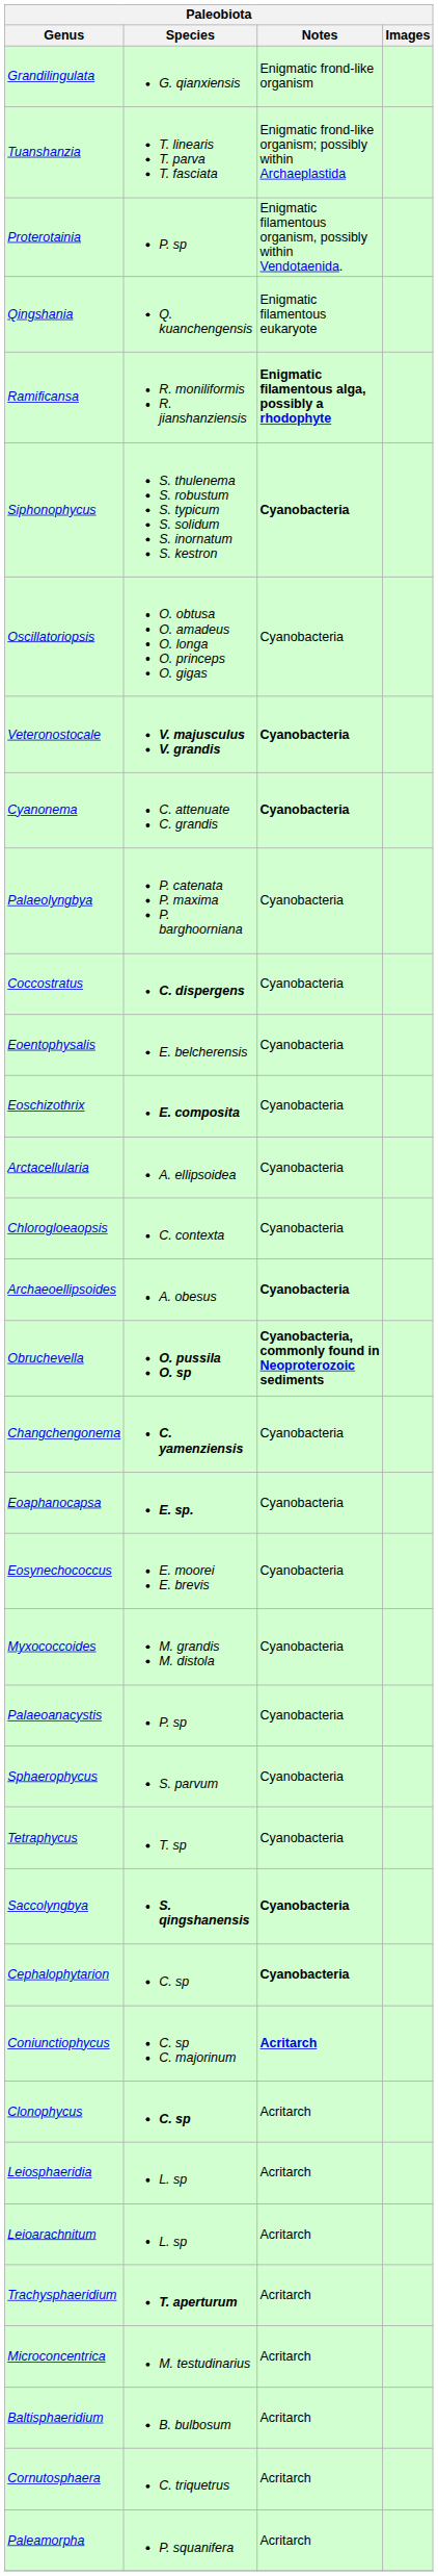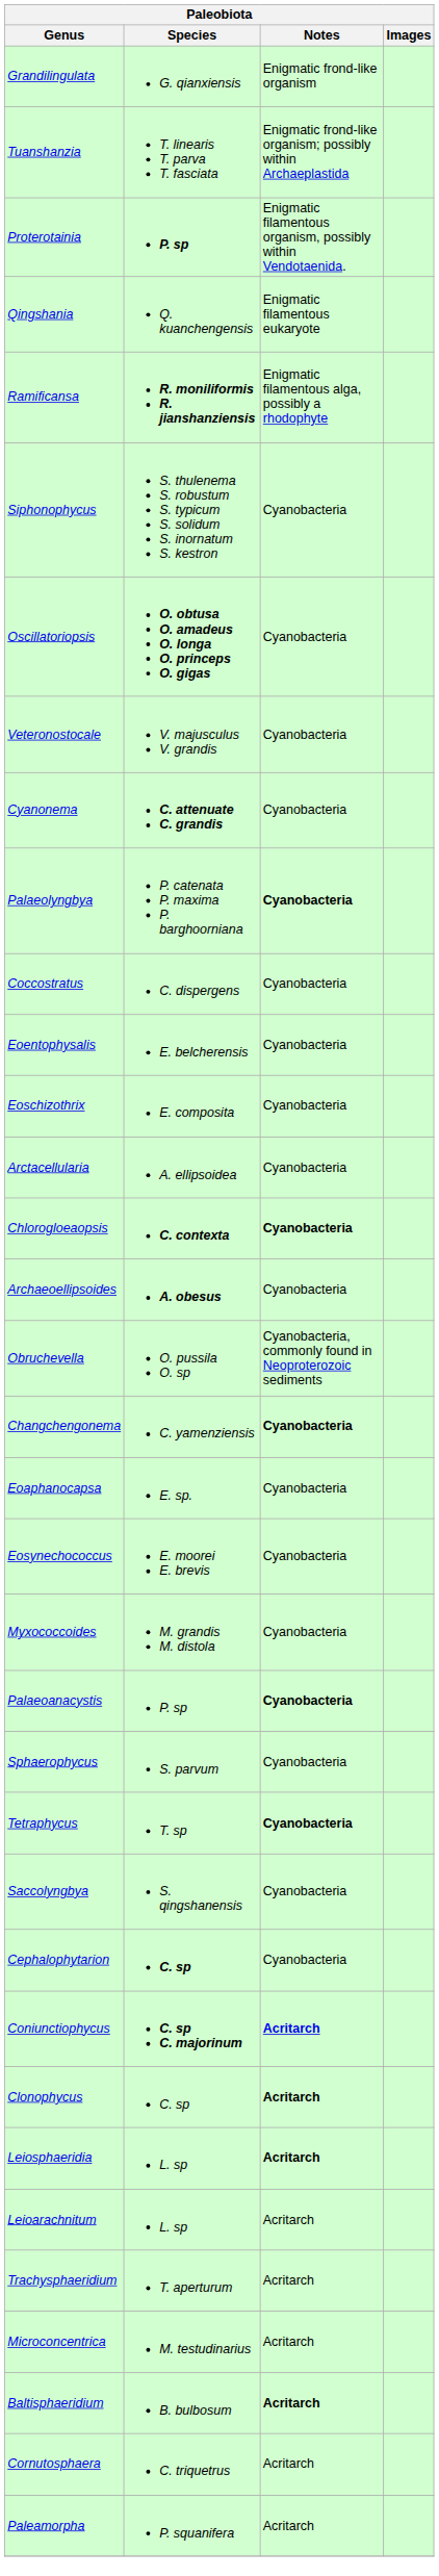 <table class="wikitable sortable" style="background:white; width:60%;">
 <tr>
 <th colspan="5" align="center">Paleobiota</th>
 </tr>
 <tr>
 <th>Genus</th>
 <th>Species</th>
 <th>Notes</th>
 <th>Images</th>
 </tr>
 <tr>
 <td style="background:#D1FFCF;"><em><a href='#'>Grandilingulata</a></em></td>
 <td style="background:#D1FFCF;"><br><ul><li><em>G. qianxiensis</em></li></ul></td>
 <td style="background:#D1FFCF;">Enigmatic frond-like organism</td>
 <td style="background:#D1FFCF;"><br></td>
 </tr>
 <tr>
 <td style="background:#D1FFCF;"><em><a href='#'>Tuanshanzia</a></em></td>
 <td style="background:#D1FFCF;"><br><ul><li><em>T. linearis</em></li><li><em>T. parva</em></li><li><em>T. fasciata</em></li></ul></td>
 <td style="background:#D1FFCF;">Enigmatic frond-like organism; possibly within <a href='#'>Archaeplastida</a></td>
 <td style="background:#D1FFCF;"><br></td>
 </tr>
 <tr>
 <td style="background:#D1FFCF;"><em><a href='#'>Proterotainia</a></em></td>
-<td style="background:#D1FFCF;"><br><ul><li><em>P. sp</em></li></ul></td>
+<td style="background:#D1FFCF;"><strong><br><ul><li><em>P. sp</em></li></ul></strong></td>
 <td style="background:#D1FFCF;">Enigmatic filamentous organism, possibly within <a href='#'>Vendotaenida</a>.</td>
 <td style="background:#D1FFCF;"><br></td>
 </tr>
 <tr>
 <td style="background:#D1FFCF;"><em><a href='#'>Qingshania</a></em></td>
 <td style="background:#D1FFCF;"><br><ul><li><em>Q. kuanchengensis</em></li></ul></td>
 <td style="background:#D1FFCF;">Enigmatic filamentous eukaryote</td>
 <td style="background:#D1FFCF;"></td>
 </tr>
 <tr>
 <td style="background:#D1FFCF;"><em><a href='#'>Ramificansa</a></em></td>
-<td style="background:#D1FFCF;"><br><ul><li><em>R. moniliformis</em></li><li><em>R. jianshanziensis</em></li></ul></td>
-<td style="background:#D1FFCF;"><strong>Enigmatic filamentous alga, possibly a <a href='#'>rhodophyte</a></strong></td>
+<td style="background:#D1FFCF;"><strong><br><ul><li><em>R. moniliformis</em></li><li><em>R. jianshanziensis</em></li></ul></strong></td>
+<td style="background:#D1FFCF;">Enigmatic filamentous alga, possibly a <a href='#'>rhodophyte</a></td>
 <td style="background:#D1FFCF;"></td>
 </tr>
 <tr>
 <td style="background:#D1FFCF;"><em><a href='#'>Siphonophycus</a></em></td>
 <td style="background:#D1FFCF;"><br><ul><li><em>S. thulenema</em></li><li><em>S. robustum</em></li><li><em>S. typicum</em></li><li><em>S. solidum</em></li><li><em>S. inornatum</em></li><li><em>S. kestron</em></li></ul></td>
-<td style="background:#D1FFCF;"><strong>Cyanobacteria</strong></td>
+<td style="background:#D1FFCF;">Cyanobacteria</td>
 <td style="background:#D1FFCF;"></td>
 </tr>
 <tr>
 <td style="background:#D1FFCF;"><em><a href='#'>Oscillatoriopsis</a></em></td>
-<td style="background:#D1FFCF;"><br><ul><li><em>O. obtusa</em></li><li><em>O. amadeus</em></li><li><em>O. longa</em></li><li><em>O. princeps</em></li><li><em>O. gigas</em></li></ul></td>
+<td style="background:#D1FFCF;"><strong><br><ul><li><em>O. obtusa</em></li><li><em>O. amadeus</em></li><li><em>O. longa</em></li><li><em>O. princeps</em></li><li><em>O. gigas</em></li></ul></strong></td>
 <td style="background:#D1FFCF;">Cyanobacteria</td>
 <td style="background:#D1FFCF;"></td>
 </tr>
 <tr>
 <td style="background:#D1FFCF;"><em><a href='#'>Veteronostocale</a></em></td>
-<td style="background:#D1FFCF;"><strong><br><ul><li><em>V. majusculus</em></li><li><em>V. grandis</em></li></ul></strong></td>
-<td style="background:#D1FFCF;"><strong>Cyanobacteria</strong></td>
+<td style="background:#D1FFCF;"><br><ul><li><em>V. majusculus</em></li><li><em>V. grandis</em></li></ul></td>
+<td style="background:#D1FFCF;">Cyanobacteria</td>
 <td style="background:#D1FFCF;"></td>
 </tr>
 <tr>
 <td style="background:#D1FFCF;"><em><a href='#'>Cyanonema</a></em></td>
-<td style="background:#D1FFCF;"><br><ul><li><em>C. attenuate</em></li><li><em>C. grandis</em></li></ul></td>
-<td style="background:#D1FFCF;"><strong>Cyanobacteria</strong></td>
+<td style="background:#D1FFCF;"><strong><br><ul><li><em>C. attenuate</em></li><li><em>C. grandis</em></li></ul></strong></td>
+<td style="background:#D1FFCF;">Cyanobacteria</td>
 <td style="background:#D1FFCF;"></td>
 </tr>
 <tr>
 <td style="background:#D1FFCF;"><em><a href='#'>Palaeolyngbya</a></em></td>
 <td style="background:#D1FFCF;"><br><ul><li><em>P. catenata</em></li><li><em>P. maxima</em></li><li><em>P. barghoorniana</em></li></ul></td>
-<td style="background:#D1FFCF;">Cyanobacteria</td>
+<td style="background:#D1FFCF;"><strong>Cyanobacteria</strong></td>
 <td style="background:#D1FFCF;"></td>
 </tr>
 <tr>
 <td style="background:#D1FFCF;"><em><a href='#'>Coccostratus</a></em></td>
-<td style="background:#D1FFCF;"><strong><br><ul><li><em>C. dispergens</em></li></ul></strong></td>
+<td style="background:#D1FFCF;"><br><ul><li><em>C. dispergens</em></li></ul></td>
 <td style="background:#D1FFCF;">Cyanobacteria</td>
 <td style="background:#D1FFCF;"></td>
 </tr>
 <tr>
 <td style="background:#D1FFCF;"><em><a href='#'>Eoentophysalis</a></em></td>
 <td style="background:#D1FFCF;"><br><ul><li><em>E. belcherensis</em></li></ul></td>
 <td style="background:#D1FFCF;">Cyanobacteria</td>
 <td style="background:#D1FFCF;"></td>
 </tr>
 <tr>
 <td style="background:#D1FFCF;"><em><a href='#'>Eoschizothrix</a></em></td>
-<td style="background:#D1FFCF;"><strong><br><ul><li><em>E. composita</em></li></ul></strong></td>
+<td style="background:#D1FFCF;"><br><ul><li><em>E. composita</em></li></ul></td>
 <td style="background:#D1FFCF;">Cyanobacteria</td>
 <td style="background:#D1FFCF;"></td>
 </tr>
 <tr>
 <td style="background:#D1FFCF;"><em><a href='#'>Arctacellularia</a></em></td>
 <td style="background:#D1FFCF;"><br><ul><li><em>A. ellipsoidea</em></li></ul></td>
 <td style="background:#D1FFCF;">Cyanobacteria</td>
 <td style="background:#D1FFCF;"></td>
 </tr>
 <tr>
 <td style="background:#D1FFCF;"><em><a href='#'>Chlorogloeaopsis</a></em></td>
-<td style="background:#D1FFCF;"><br><ul><li><em>C. contexta</em></li></ul></td>
+<td style="background:#D1FFCF;"><strong><br><ul><li><em>C. contexta</em></li></ul></strong></td>
+<td style="background:#D1FFCF;"><strong>Cyanobacteria</strong></td>
+<td style="background:#D1FFCF;"></td>
+</tr>
+<tr>
+<td style="background:#D1FFCF;"><em><a href='#'>Archaeoellipsoides</a></em></td>
+<td style="background:#D1FFCF;"><strong><br><ul><li><em>A. obesus</em></li></ul></strong></td>
 <td style="background:#D1FFCF;">Cyanobacteria</td>
 <td style="background:#D1FFCF;"></td>
 </tr>
 <tr>
-<td style="background:#D1FFCF;"><em><a href='#'>Archaeoellipsoides</a></em></td>
-<td style="background:#D1FFCF;"><br><ul><li><em>A. obesus</em></li></ul></td>
+<td style="background:#D1FFCF;"><em><a href='#'>Obruchevella</a></em></td>
+<td style="background:#D1FFCF;"><br><ul><li><em>O. pussila</em></li><li><em>O. sp</em></li></ul></td>
+<td style="background:#D1FFCF;">Cyanobacteria, commonly found in <a href='#'>Neoproterozoic</a> sediments</td>
+<td style="background:#D1FFCF;"></td>
+</tr>
+<tr>
+<td style="background:#D1FFCF;"><em><a href='#'>Changchengonema</a></em></td>
+<td style="background:#D1FFCF;"><br><ul><li><em>C. yamenziensis</em></li></ul></td>
 <td style="background:#D1FFCF;"><strong>Cyanobacteria</strong></td>
 <td style="background:#D1FFCF;"></td>
 </tr>
 <tr>
-<td style="background:#D1FFCF;"><em><a href='#'>Obruchevella</a></em></td>
-<td style="background:#D1FFCF;"><strong><br><ul><li><em>O. pussila</em></li><li><em>O. sp</em></li></ul></strong></td>
-<td style="background:#D1FFCF;"><strong>Cyanobacteria, commonly found in <a href='#'>Neoproterozoic</a> sediments</strong></td>
-<td style="background:#D1FFCF;"></td>
-</tr>
-<tr>
-<td style="background:#D1FFCF;"><em><a href='#'>Changchengonema</a></em></td>
-<td style="background:#D1FFCF;"><strong><br><ul><li><em>C. yamenziensis</em></li></ul></strong></td>
-<td style="background:#D1FFCF;">Cyanobacteria</td>
-<td style="background:#D1FFCF;"></td>
-</tr>
-<tr>
 <td style="background:#D1FFCF;"><em><a href='#'>Eoaphanocapsa</a></em></td>
-<td style="background:#D1FFCF;"><strong><br><ul><li><em>E. sp.</em></li></ul></strong></td>
+<td style="background:#D1FFCF;"><br><ul><li><em>E. sp.</em></li></ul></td>
 <td style="background:#D1FFCF;">Cyanobacteria</td>
 <td style="background:#D1FFCF;"></td>
 </tr>
 <tr>
 <td style="background:#D1FFCF;"><em><a href='#'>Eosynechococcus</a></em></td>
 <td style="background:#D1FFCF;"><br><ul><li><em>E. moorei</em></li><li><em>E. brevis</em></li></ul></td>
 <td style="background:#D1FFCF;">Cyanobacteria</td>
 <td style="background:#D1FFCF;"></td>
 </tr>
 <tr>
 <td style="background:#D1FFCF;"><em><a href='#'>Myxococcoides</a></em></td>
 <td style="background:#D1FFCF;"><br><ul><li><em>M. grandis</em></li><li><em>M. distola</em></li></ul></td>
 <td style="background:#D1FFCF;">Cyanobacteria</td>
 <td style="background:#D1FFCF;"></td>
 </tr>
 <tr>
 <td style="background:#D1FFCF;"><em><a href='#'>Palaeoanacystis</a></em></td>
 <td style="background:#D1FFCF;"><br><ul><li><em>P. sp</em></li></ul></td>
-<td style="background:#D1FFCF;">Cyanobacteria</td>
+<td style="background:#D1FFCF;"><strong>Cyanobacteria</strong></td>
 <td style="background:#D1FFCF;"></td>
 </tr>
 <tr>
 <td style="background:#D1FFCF;"><em><a href='#'>Sphaerophycus</a></em></td>
 <td style="background:#D1FFCF;"><br><ul><li><em>S. parvum</em></li></ul></td>
 <td style="background:#D1FFCF;">Cyanobacteria</td>
 <td style="background:#D1FFCF;"></td>
 </tr>
 <tr>
 <td style="background:#D1FFCF;"><em><a href='#'>Tetraphycus</a></em></td>
 <td style="background:#D1FFCF;"><br><ul><li><em>T. sp</em></li></ul></td>
+<td style="background:#D1FFCF;"><strong>Cyanobacteria</strong></td>
+<td style="background:#D1FFCF;"></td>
+</tr>
+<tr>
+<td style="background:#D1FFCF;"><em><a href='#'>Saccolyngbya</a></em></td>
+<td style="background:#D1FFCF;"><br><ul><li><em>S. qingshanensis</em></li></ul></td>
 <td style="background:#D1FFCF;">Cyanobacteria</td>
 <td style="background:#D1FFCF;"></td>
 </tr>
 <tr>
-<td style="background:#D1FFCF;"><em><a href='#'>Saccolyngbya</a></em></td>
-<td style="background:#D1FFCF;"><strong><br><ul><li><em>S. qingshanensis</em></li></ul></strong></td>
-<td style="background:#D1FFCF;"><strong>Cyanobacteria</strong></td>
-<td style="background:#D1FFCF;"></td>
-</tr>
-<tr>
 <td style="background:#D1FFCF;"><em><a href='#'>Cephalophytarion</a></em></td>
-<td style="background:#D1FFCF;"><br><ul><li><em>C. sp</em></li></ul></td>
-<td style="background:#D1FFCF;"><strong>Cyanobacteria</strong></td>
+<td style="background:#D1FFCF;"><strong><br><ul><li><em>C. sp</em></li></ul></strong></td>
+<td style="background:#D1FFCF;">Cyanobacteria</td>
 <td style="background:#D1FFCF;"></td>
 </tr>
 <tr>
 <td style="background:#D1FFCF;"><em><a href='#'>Coniunctiophycus</a></em></td>
-<td style="background:#D1FFCF;"><br><ul><li><em>C. sp</em></li><li><em>C. majorinum</em></li></ul></td>
+<td style="background:#D1FFCF;"><strong><br><ul><li><em>C. sp</em></li><li><em>C. majorinum</em></li></ul></strong></td>
 <td style="background:#D1FFCF;"><strong><a href='#'>Acritarch</a></strong></td>
 <td style="background:#D1FFCF;"></td>
 </tr>
 <tr>
 <td style="background:#D1FFCF;"><em><a href='#'>Clonophycus</a></em></td>
-<td style="background:#D1FFCF;"><strong><br><ul><li><em>C. sp</em></li></ul></strong></td>
-<td style="background:#D1FFCF;">Acritarch</td>
+<td style="background:#D1FFCF;"><br><ul><li><em>C. sp</em></li></ul></td>
+<td style="background:#D1FFCF;"><strong>Acritarch</strong></td>
 <td style="background:#D1FFCF;"></td>
 </tr>
 <tr>
 <td style="background:#D1FFCF;"><em><a href='#'>Leiosphaeridia</a></em></td>
 <td style="background:#D1FFCF;"><br><ul><li><em>L. sp</em></li></ul></td>
-<td style="background:#D1FFCF;">Acritarch</td>
+<td style="background:#D1FFCF;"><strong>Acritarch</strong></td>
 <td style="background:#D1FFCF;"></td>
 </tr>
 <tr>
 <td style="background:#D1FFCF;"><em><a href='#'>Leioarachnitum</a></em></td>
 <td style="background:#D1FFCF;"><br><ul><li><em>L. sp</em></li></ul></td>
 <td style="background:#D1FFCF;">Acritarch</td>
 <td style="background:#D1FFCF;"></td>
 </tr>
 <tr>
 <td style="background:#D1FFCF;"><em><a href='#'>Trachysphaeridium</a></em></td>
-<td style="background:#D1FFCF;"><strong><br><ul><li><em>T. aperturum</em></li></ul></strong></td>
+<td style="background:#D1FFCF;"><br><ul><li><em>T. aperturum</em></li></ul></td>
 <td style="background:#D1FFCF;">Acritarch</td>
 <td style="background:#D1FFCF;"></td>
 </tr>
 <tr>
 <td style="background:#D1FFCF;"><em><a href='#'>Microconcentrica</a></em></td>
 <td style="background:#D1FFCF;"><br><ul><li><em>M. testudinarius</em></li></ul></td>
 <td style="background:#D1FFCF;">Acritarch</td>
 <td style="background:#D1FFCF;"></td>
 </tr>
 <tr>
 <td style="background:#D1FFCF;"><em><a href='#'>Baltisphaeridium</a></em></td>
 <td style="background:#D1FFCF;"><br><ul><li><em>B. bulbosum</em></li></ul></td>
-<td style="background:#D1FFCF;">Acritarch</td>
+<td style="background:#D1FFCF;"><strong>Acritarch</strong></td>
 <td style="background:#D1FFCF;"></td>
 </tr>
 <tr>
 <td style="background:#D1FFCF;"><em><a href='#'>Cornutosphaera</a></em></td>
 <td style="background:#D1FFCF;"><br><ul><li><em>C. triquetrus</em></li></ul></td>
 <td style="background:#D1FFCF;">Acritarch</td>
 <td style="background:#D1FFCF;"></td>
 </tr>
 <tr>
 <td style="background:#D1FFCF;"><em><a href='#'>Paleamorpha</a></em></td>
 <td style="background:#D1FFCF;"><br><ul><li><em>P. squanifera</em></li></ul></td>
 <td style="background:#D1FFCF;">Acritarch</td>
 <td style="background:#D1FFCF;"></td>
 </tr>
 <tr>
 </tr>
 </table>
